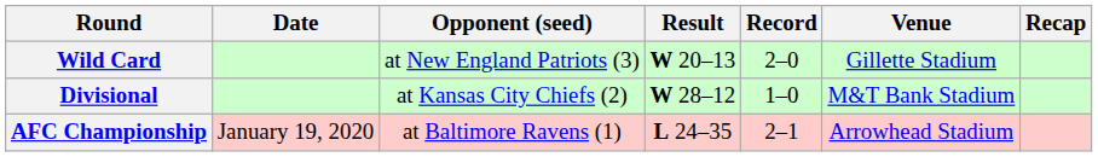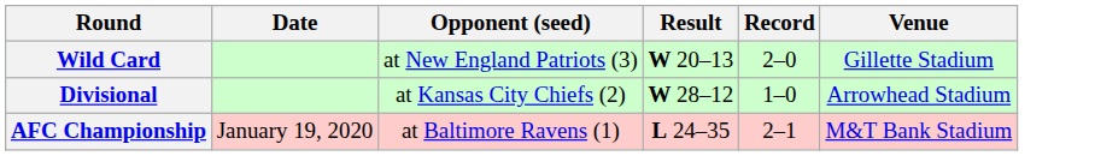 <table class="wikitable" style="text-align:center">
 <tr>
 <th>Round</th>
 <th>Date</th>
 <th>Opponent (seed)</th>
 <th>Result</th>
 <th>Record</th>
 <th>Venue</th>
-<th>Recap</th>
 </tr>
 <tr style="background:#cfc">
 <th><a href='#'>Wild Card</a></th>
 <td></td>
 <td>at <a href='#'>New England Patriots</a> (3)</td>
 <td><strong>W</strong> 20–13</td>
 <td>2–0</td>
 <td><a href='#'>Gillette Stadium</a></td>
-<td></td>
 </tr>
 <tr style="background:#cfc">
 <th><a href='#'>Divisional</a></th>
 <td></td>
 <td>at <a href='#'>Kansas City Chiefs</a> (2)</td>
 <td><strong>W</strong> 28–12</td>
 <td>1–0</td>
-<td><a href='#'>M&T Bank Stadium</a></td>
-<td></td>
+<td><a href='#'>Arrowhead Stadium</a></td>
 </tr>
 <tr style="background:#fcc">
 <th><a href='#'>AFC Championship</a></th>
 <td>January 19, 2020</td>
 <td>at <a href='#'>Baltimore Ravens</a> (1)</td>
 <td><strong>L</strong> 24–35</td>
 <td>2–1</td>
-<td><a href='#'>Arrowhead Stadium</a></td>
-<td></td>
+<td><a href='#'>M&T Bank Stadium</a></td>
 </tr>
 </table>
